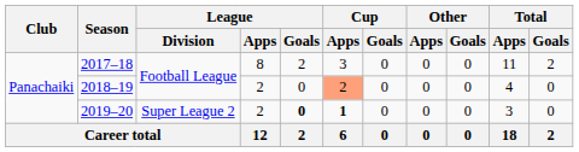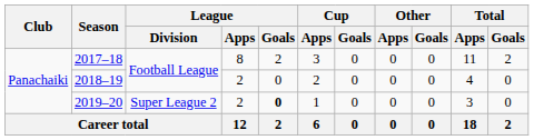 <table class="wikitable" style="text-align: center">
 <tr>
 <th rowspan="2">Club</th>
 <th rowspan="2">Season</th>
 <th colspan="3">League</th>
 <th colspan="2">Cup</th>
 <th colspan="2">Other</th>
 <th colspan="2">Total</th>
 </tr>
 <tr>
 <th>Division</th>
 <th>Apps</th>
 <th>Goals</th>
 <th>Apps</th>
 <th>Goals</th>
 <th>Apps</th>
 <th>Goals</th>
 <th>Apps</th>
 <th>Goals</th>
 </tr>
 <tr>
 <td rowspan="3"><a href='#'>Panachaiki</a></td>
 <td><a href='#'>2017–18</a></td>
 <td rowspan="2"><a href='#'>Football League</a></td>
 <td>8</td>
 <td>2</td>
 <td>3</td>
 <td>0</td>
 <td>0</td>
 <td>0</td>
 <td>11</td>
 <td>2</td>
 </tr>
 <tr>
 <td><a href='#'>2018–19</a></td>
 <td>2</td>
 <td>0</td>
-<td style="background: lightsalmon;">2</td>
+<td>2</td>
 <td>0</td>
 <td>0</td>
 <td>0</td>
 <td>4</td>
 <td>0</td>
 </tr>
 <tr>
 <td><a href='#'>2019–20</a></td>
 <td><a href='#'>Super League 2</a></td>
 <td>2</td>
 <td><strong>0</strong></td>
-<td><strong>1</strong></td>
+<td>1</td>
 <td>0</td>
 <td>0</td>
 <td>0</td>
 <td>3</td>
 <td>0</td>
 </tr>
 <tr>
 <th colspan="3"><strong>Career total</strong></th>
 <th>12</th>
 <th>2</th>
 <th>6</th>
 <th>0</th>
 <th>0</th>
 <th>0</th>
 <th>18</th>
 <th>2</th>
 </tr>
 </table>
